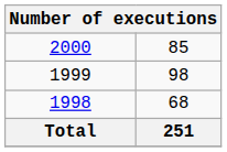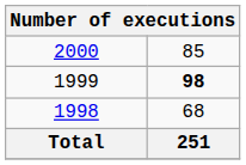 <table class="wikitable" style="text-align:center;">
 <tr>
 <th colspan="2">Number of executions</th>
 </tr>
 <tr>
 <td><a href='#'>2000</a></td>
 <td>85</td>
 </tr>
 <tr>
 <td>1999</td>
-<td>98</td>
+<td><strong>98</strong></td>
 </tr>
 <tr>
 <td><a href='#'>1998</a></td>
 <td>68</td>
 </tr>
 <tr>
 <th>Total</th>
 <th>251</th>
 </tr>
 <tr>
 </tr>
 </table>
